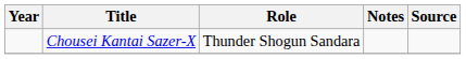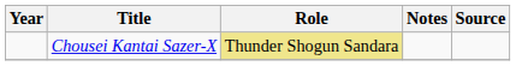 <table class="wikitable sortable plainrowheaders">
 <tr>
 <th>Year</th>
 <th>Title</th>
 <th>Role</th>
 <th class="unsortable">Notes</th>
 <th class="unsortable">Source</th>
 </tr>
 <tr>
 <td></td>
 <td><em><a href='#'>Chousei Kantai Sazer-X</a></em></td>
-<td>Thunder Shogun Sandara</td>
+<td style="background: khaki;">Thunder Shogun Sandara</td>
 <td></td>
 <td></td>
 </tr>
 <tr>
 </tr>
 </table>
